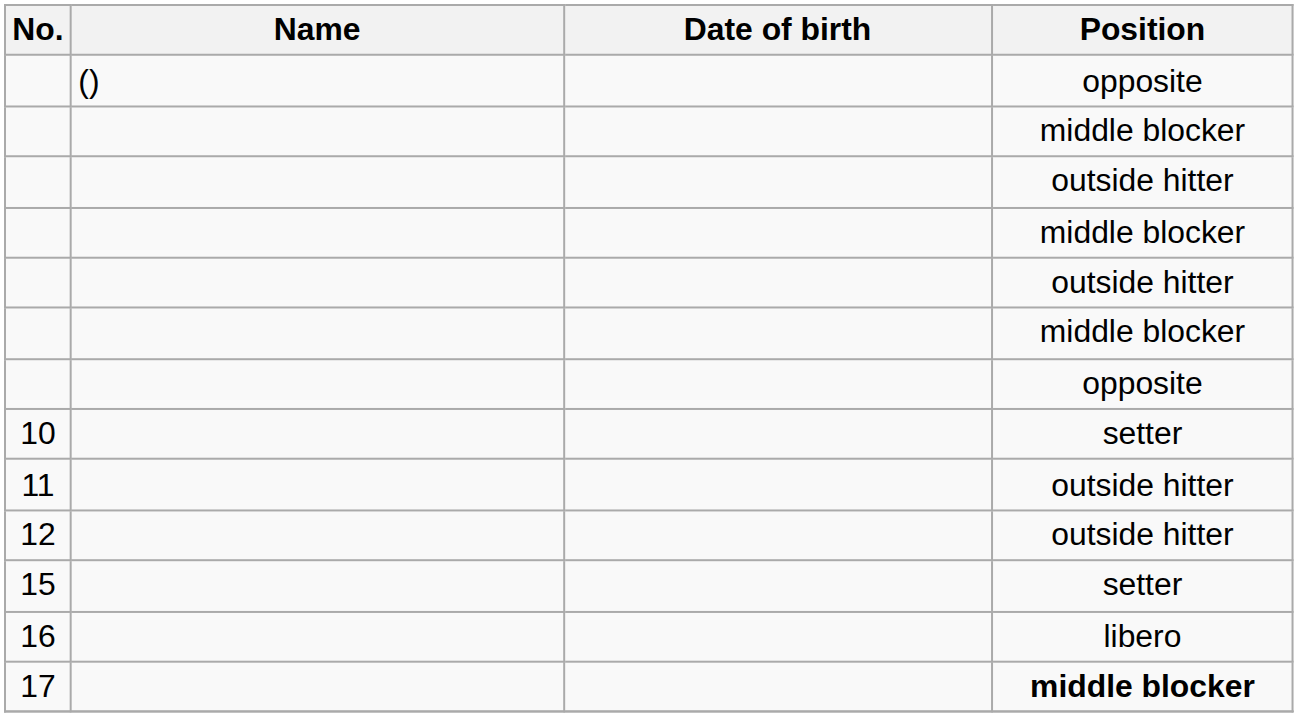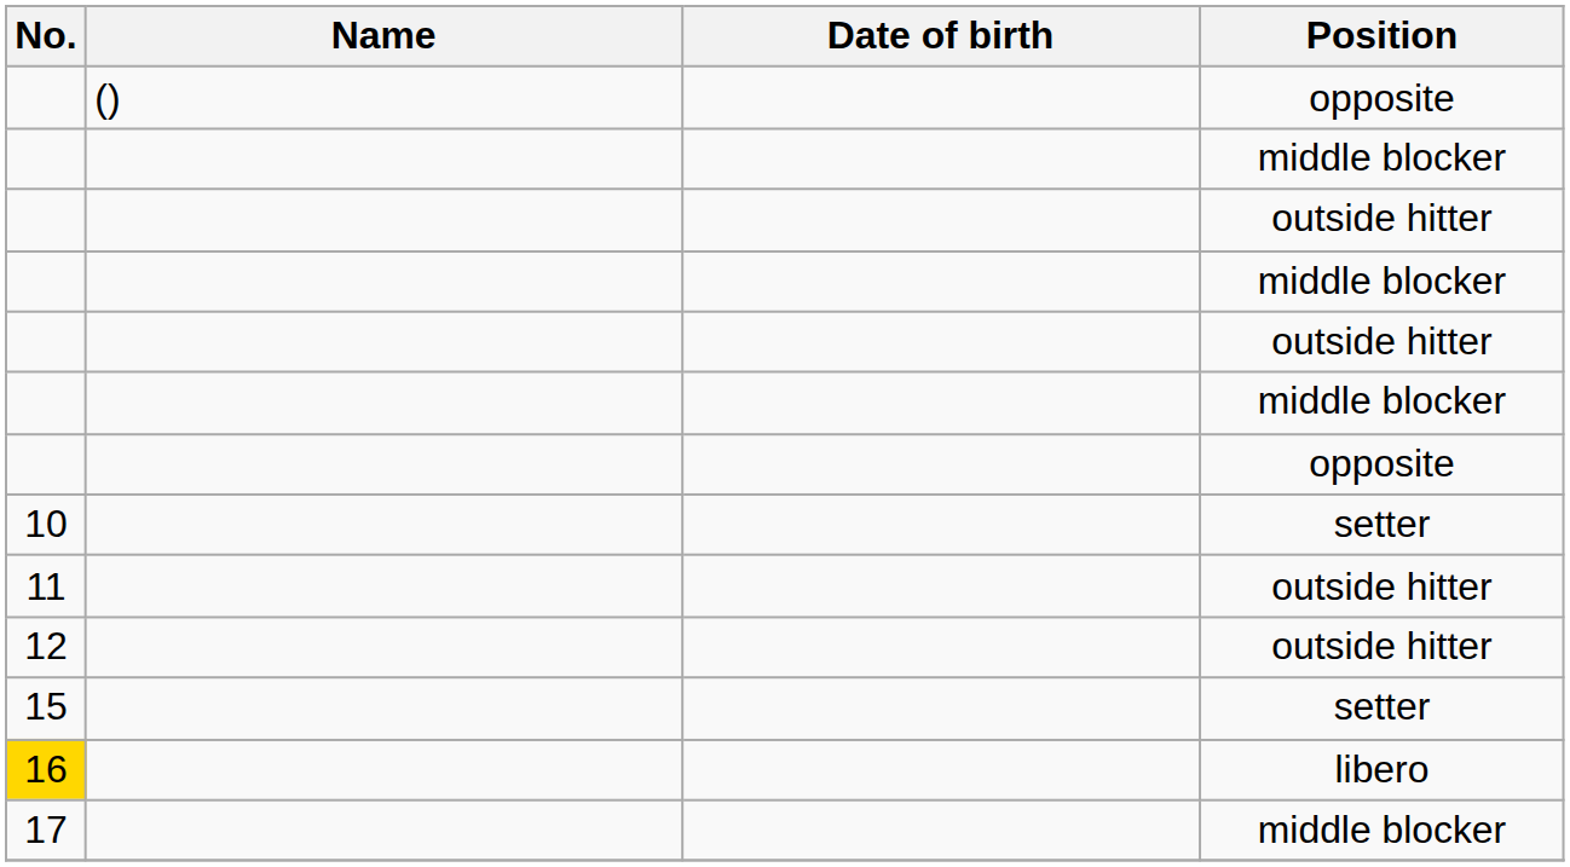 <table class="wikitable sortable" style="font-size:100%; text-align:center;">
 <tr>
 <th>No.</th>
 <th style="width:15em">Name</th>
 <th style="width:13em">Date of birth</th>
 <th style="width:9em">Position</th>
 </tr>
 <tr>
 <td></td>
 <td align=left>  ()</td>
 <td align=right></td>
 <td>opposite</td>
 </tr>
 <tr>
 <td></td>
 <td align=left> </td>
 <td align=right></td>
 <td>middle blocker</td>
 </tr>
 <tr>
 <td></td>
 <td align=left> </td>
 <td align=right></td>
 <td>outside hitter</td>
 </tr>
 <tr>
 <td></td>
 <td align=left> </td>
 <td align=right></td>
 <td>middle blocker</td>
 </tr>
 <tr>
 <td></td>
 <td align=left> </td>
 <td align=right></td>
 <td>outside hitter</td>
 </tr>
 <tr>
 <td></td>
 <td align=left> </td>
 <td align=right></td>
 <td>middle blocker</td>
 </tr>
 <tr>
 <td></td>
 <td align=left> </td>
 <td align=right></td>
 <td>opposite</td>
 </tr>
 <tr>
 <td>10</td>
 <td align=left> </td>
 <td align=right></td>
 <td>setter</td>
 </tr>
 <tr>
 <td>11</td>
 <td align=left> </td>
 <td align=right></td>
 <td>outside hitter</td>
 </tr>
 <tr>
 <td>12</td>
 <td align=left> </td>
 <td align=right></td>
 <td>outside hitter</td>
 </tr>
 <tr>
 <td>15</td>
 <td align=left> </td>
 <td align=right></td>
 <td>setter</td>
 </tr>
 <tr>
-<td>16</td>
+<td style="background: gold;">16</td>
 <td align=left> </td>
 <td align=right></td>
 <td>libero</td>
 </tr>
 <tr>
 <td>17</td>
 <td align=left> </td>
 <td align=right></td>
-<td><strong>middle blocker</strong></td>
+<td>middle blocker</td>
 </tr>
 <tr>
 </tr>
 </table>
